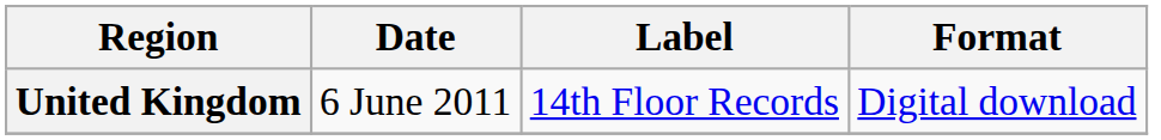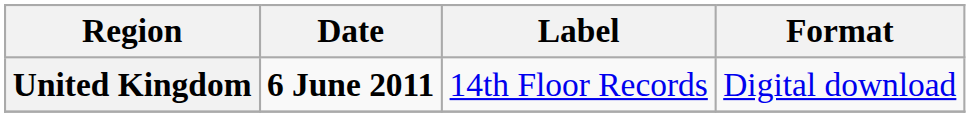 <table class="wikitable plainrowheaders">
 <tr>
 <th scope="col">Region</th>
 <th scope="col">Date</th>
 <th scope="col">Label</th>
 <th scope="col">Format</th>
 </tr>
 <tr>
 <th scope="row">United Kingdom</th>
-<td>6 June 2011</td>
+<td><strong>6 June 2011</strong></td>
 <td><a href='#'>14th Floor Records</a></td>
 <td><a href='#'>Digital download</a></td>
 </tr>
 <tr>
 </tr>
 </table>
